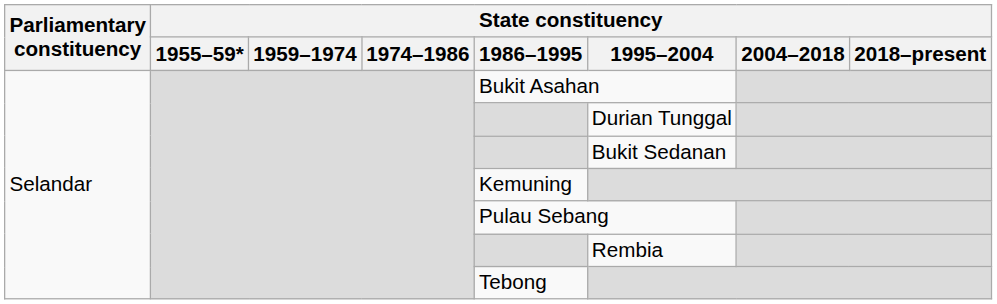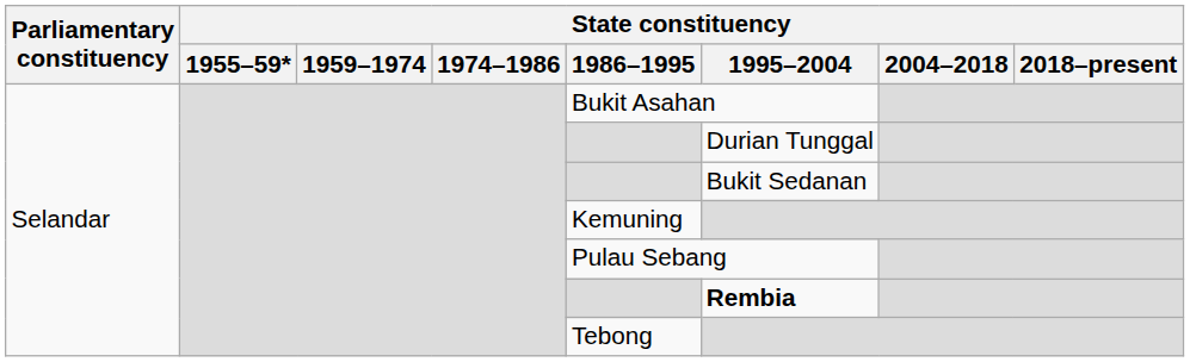 <table class="wikitable">
 <tr>
 <th rowspan="2">Parliamentary<br>constituency</th>
 <th colspan="7">State constituency</th>
 </tr>
 <tr>
 <th>1955–59*</th>
 <th>1959–1974</th>
 <th>1974–1986</th>
 <th>1986–1995</th>
 <th>1995–2004</th>
 <th>2004–2018</th>
 <th>2018–present</th>
 </tr>
 <tr>
 <td rowspan="7">Selandar</td>
 <td colspan="3" rowspan="7" bgcolor="dcdcdc"></td>
 <td colspan="2">Bukit Asahan</td>
 <td colspan="2" bgcolor="dcdcdc"></td>
 </tr>
 <tr>
 <td bgcolor="dcdcdc"></td>
 <td>Durian Tunggal</td>
 <td colspan="2" bgcolor="dcdcdc"></td>
 </tr>
 <tr>
 <td bgcolor="dcdcdc"></td>
 <td>Bukit Sedanan</td>
 <td colspan="2" bgcolor="dcdcdc"></td>
 </tr>
 <tr>
 <td>Kemuning</td>
 <td colspan="3" bgcolor="dcdcdc"></td>
 </tr>
 <tr>
 <td colspan="2">Pulau Sebang</td>
 <td colspan="2" bgcolor="dcdcdc"></td>
 </tr>
 <tr>
 <td bgcolor="dcdcdc"></td>
-<td>Rembia</td>
+<td><strong>Rembia</strong></td>
 <td colspan="2" bgcolor="dcdcdc"></td>
 </tr>
 <tr>
 <td>Tebong</td>
 <td colspan="3" bgcolor="dcdcdc"></td>
 </tr>
 </table>
